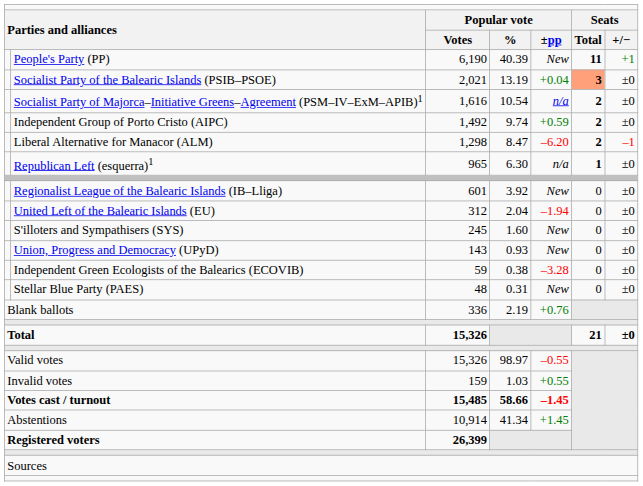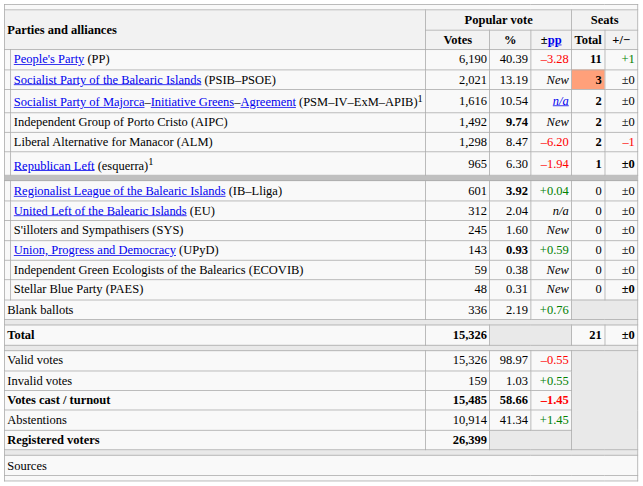 <table class="wikitable" style="text-align:right;">
 <tr>
 <td colspan="7"></td>
 </tr>
 <tr>
 <th style="text-align:left;" rowspan="2" colspan="2" width="525">Parties and alliances</th>
 <th colspan="3">Popular vote</th>
 <th colspan="2">Seats</th>
 </tr>
 <tr>
 <th width="75">Votes</th>
 <th width="45">%</th>
 <th width="45">±<a href='#'>pp</a></th>
 <th width="35">Total</th>
 <th width="35">+/−</th>
 </tr>
 <tr>
 <td width="1" style="color:inherit;background:"></td>
 <td align="left"><a href='#'>People's Party</a> (PP)</td>
 <td>6,190</td>
 <td>40.39</td>
-<td><em>New</em></td>
+<td style="color:red;">–3.28</td>
 <td><strong>11</strong></td>
 <td style="color:green;">+1</td>
 </tr>
 <tr>
 <td style="color:inherit;background:"></td>
 <td align="left"><a href='#'>Socialist Party of the Balearic Islands</a> (PSIB–PSOE)</td>
 <td>2,021</td>
 <td>13.19</td>
-<td style="color:green;">+0.04</td>
+<td><em>New</em></td>
 <td style="background: lightsalmon;"><strong>3</strong></td>
 <td>±0</td>
 </tr>
 <tr>
 <td style="color:inherit;background:"></td>
 <td align="left"><a href='#'>Socialist Party of Majorca</a>–<a href='#'>Initiative Greens</a>–<a href='#'>Agreement</a> (PSM–IV–ExM–APIB)<sup>1</sup></td>
 <td>1,616</td>
 <td>10.54</td>
 <td><em><a href='#'>n/a</a></em></td>
 <td><strong>2</strong></td>
 <td>±0</td>
 </tr>
 <tr>
 <td style="color:inherit;background:"></td>
 <td align="left">Independent Group of Porto Cristo (AIPC)</td>
 <td>1,492</td>
-<td>9.74</td>
-<td style="color:green;">+0.59</td>
+<td><strong>9.74</strong></td>
+<td><em>New</em></td>
 <td><strong>2</strong></td>
 <td>±0</td>
 </tr>
 <tr>
 <td style="color:inherit;background:"></td>
 <td align="left">Liberal Alternative for Manacor (ALM)</td>
 <td>1,298</td>
 <td>8.47</td>
 <td style="color:red;">–6.20</td>
 <td><strong>2</strong></td>
 <td style="color:red;">–1</td>
 </tr>
 <tr>
 <td style="color:inherit;background:"></td>
 <td align="left"><a href='#'>Republican Left</a> (esquerra)<sup>1</sup></td>
 <td>965</td>
 <td>6.30</td>
-<td><em>n/a</em></td>
+<td style="color:red;">–1.94</td>
 <td><strong>1</strong></td>
-<td>±0</td>
+<td><strong>±0</strong></td>
 </tr>
 <tr>
 <td colspan="7" style="color:inherit;background:#C0C0C0"></td>
 </tr>
 <tr>
 <td style="color:inherit;background:"></td>
 <td align="left"><a href='#'>Regionalist League of the Balearic Islands</a> (IB–Lliga)</td>
 <td>601</td>
-<td>3.92</td>
-<td><em>New</em></td>
+<td><strong>3.92</strong></td>
+<td style="color:green;">+0.04</td>
 <td>0</td>
 <td>±0</td>
 </tr>
 <tr>
 <td style="color:inherit;background:"></td>
 <td align="left"><a href='#'>United Left of the Balearic Islands</a> (EU)</td>
 <td>312</td>
 <td>2.04</td>
-<td style="color:red;">–1.94</td>
+<td><em>n/a</em></td>
 <td>0</td>
 <td>±0</td>
 </tr>
 <tr>
 <td style="color:inherit;background:"></td>
 <td align="left">S'illoters and Sympathisers (SYS)</td>
 <td>245</td>
 <td>1.60</td>
 <td><em>New</em></td>
 <td>0</td>
 <td>±0</td>
 </tr>
 <tr>
 <td style="color:inherit;background:"></td>
 <td align="left"><a href='#'>Union, Progress and Democracy</a> (UPyD)</td>
 <td>143</td>
-<td>0.93</td>
-<td><em>New</em></td>
+<td><strong>0.93</strong></td>
+<td style="color:green;">+0.59</td>
 <td>0</td>
 <td>±0</td>
 </tr>
 <tr>
 <td style="color:inherit;background:"></td>
 <td align="left">Independent Green Ecologists of the Balearics (ECOVIB)</td>
 <td>59</td>
 <td>0.38</td>
-<td style="color:red;">–3.28</td>
+<td><em>New</em></td>
 <td>0</td>
 <td>±0</td>
 </tr>
 <tr>
 <td style="color:inherit;background:"></td>
 <td align="left">Stellar Blue Party (PAES)</td>
 <td>48</td>
 <td>0.31</td>
 <td><em>New</em></td>
 <td>0</td>
-<td>±0</td>
+<td><strong>±0</strong></td>
 </tr>
 <tr>
 <td align="left" colspan="2">Blank ballots</td>
 <td>336</td>
 <td>2.19</td>
 <td style="color:green;">+0.76</td>
 <td style="color:inherit;background:#E9E9E9" colspan="2"></td>
 </tr>
 <tr>
 <td colspan="7" style="color:inherit;background:#E9E9E9"></td>
 </tr>
 <tr style="font-weight:bold;">
 <td align="left" colspan="2">Total</td>
 <td>15,326</td>
 <td bgcolor="#E9E9E9" colspan="2"></td>
 <td>21</td>
 <td>±0</td>
 </tr>
 <tr>
 <td colspan="7" style="color:inherit;background:#E9E9E9"></td>
 </tr>
 <tr>
 <td align="left" colspan="2">Valid votes</td>
 <td>15,326</td>
 <td>98.97</td>
 <td style="color:red;">–0.55</td>
 <td bgcolor="#E9E9E9" colspan="2" rowspan="5"></td>
 </tr>
 <tr>
 <td align="left" colspan="2">Invalid votes</td>
 <td>159</td>
 <td>1.03</td>
 <td style="color:green;">+0.55</td>
 </tr>
 <tr style="font-weight:bold;">
 <td align="left" colspan="2">Votes cast / turnout</td>
 <td>15,485</td>
 <td>58.66</td>
 <td style="color:red;">–1.45</td>
 </tr>
 <tr>
 <td align="left" colspan="2">Abstentions</td>
 <td>10,914</td>
 <td>41.34</td>
 <td style="color:green;">+1.45</td>
 </tr>
 <tr style="font-weight:bold;">
 <td align="left" colspan="2">Registered voters</td>
 <td>26,399</td>
 <td bgcolor="#E9E9E9" colspan="2"></td>
 </tr>
 <tr>
 <td colspan="7" style="color:inherit;background:#E9E9E9"></td>
 </tr>
 <tr>
 <td align="left" colspan="7">Sources</td>
 </tr>
 <tr>
 <td colspan="7" style="text-align:left; max-width:790px;"></td>
 </tr>
 </table>
